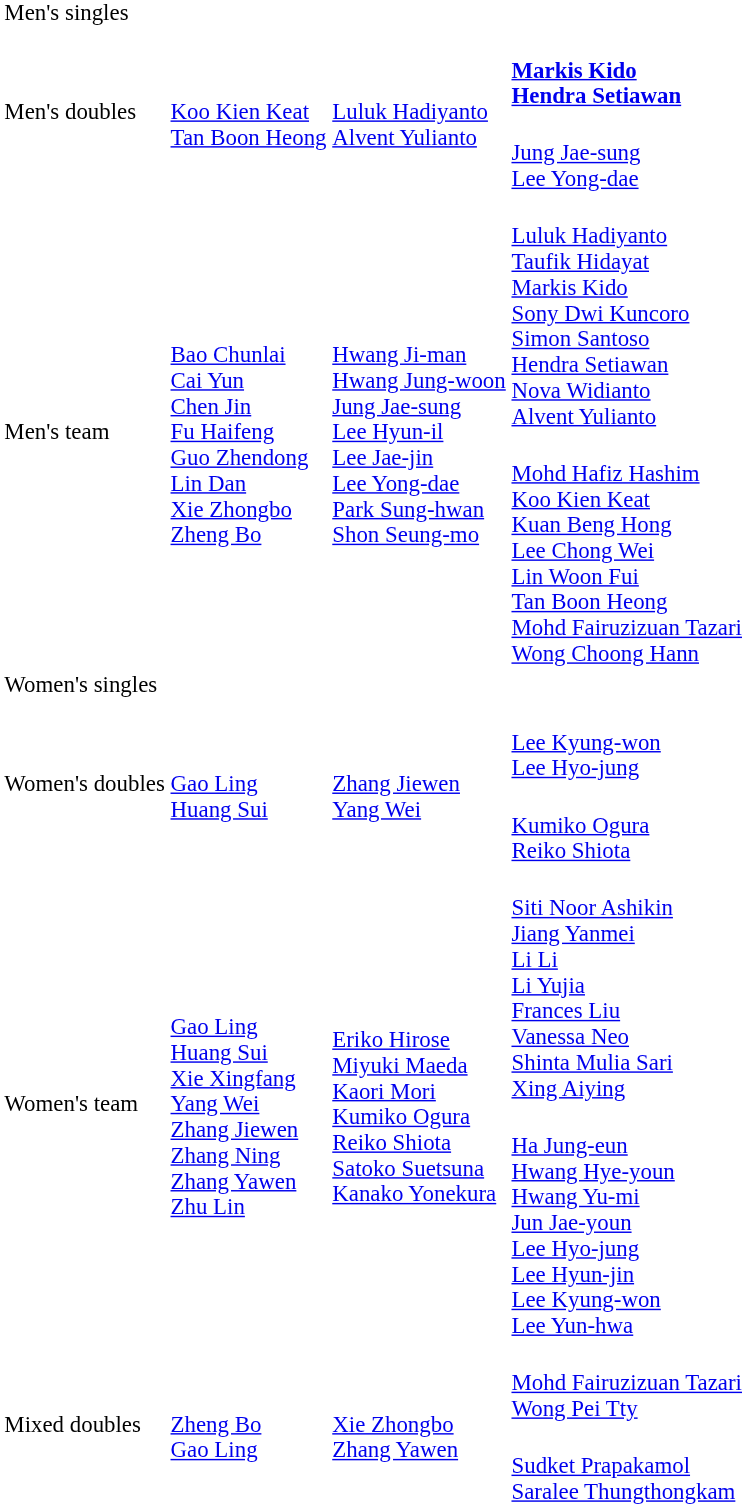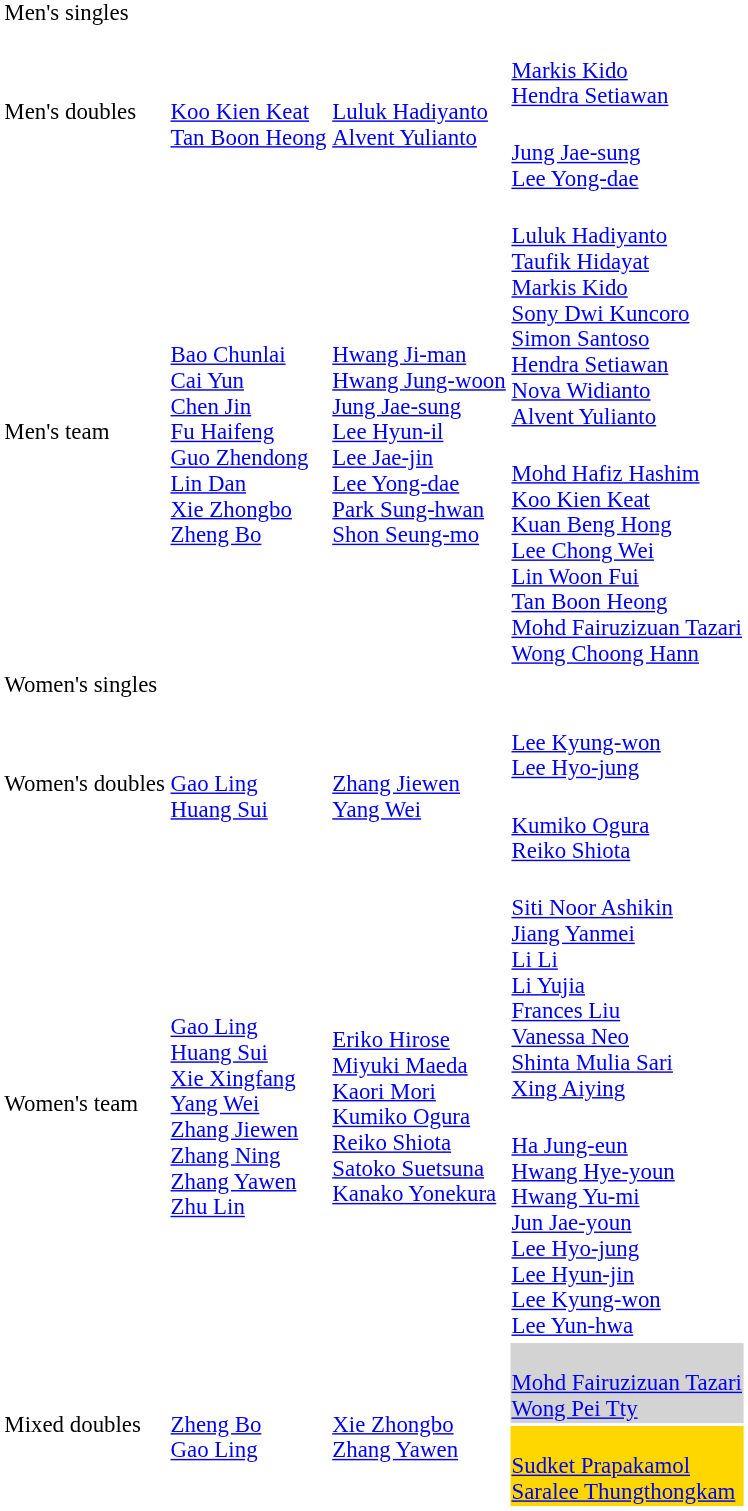 <table>
 <tr>
 <td rowspan=2>Men's singles<br></td>
 <td rowspan=2></td>
 <td rowspan=2></td>
 <td></td>
 </tr>
 <tr>
 <td></td>
 </tr>
 <tr>
 <td rowspan=2>Men's doubles<br></td>
 <td rowspan=2><br><a href='#'>Koo Kien Keat</a><br><a href='#'>Tan Boon Heong</a></td>
 <td rowspan=2><br><a href='#'>Luluk Hadiyanto</a><br><a href='#'>Alvent Yulianto</a></td>
-<td><strong><br><a href='#'>Markis Kido</a><br><a href='#'>Hendra Setiawan</a></strong></td>
+<td><br><a href='#'>Markis Kido</a><br><a href='#'>Hendra Setiawan</a></td>
 </tr>
 <tr>
 <td><br><a href='#'>Jung Jae-sung</a><br><a href='#'>Lee Yong-dae</a></td>
 </tr>
 <tr>
 <td rowspan=2>Men's team<br></td>
 <td rowspan=2><br><a href='#'>Bao Chunlai</a><br><a href='#'>Cai Yun</a><br><a href='#'>Chen Jin</a><br><a href='#'>Fu Haifeng</a><br><a href='#'>Guo Zhendong</a><br><a href='#'>Lin Dan</a><br><a href='#'>Xie Zhongbo</a><br><a href='#'>Zheng Bo</a></td>
 <td rowspan=2><br><a href='#'>Hwang Ji-man</a><br><a href='#'>Hwang Jung-woon</a><br><a href='#'>Jung Jae-sung</a><br><a href='#'>Lee Hyun-il</a><br><a href='#'>Lee Jae-jin</a><br><a href='#'>Lee Yong-dae</a><br><a href='#'>Park Sung-hwan</a><br><a href='#'>Shon Seung-mo</a></td>
 <td><br><a href='#'>Luluk Hadiyanto</a><br><a href='#'>Taufik Hidayat</a><br><a href='#'>Markis Kido</a><br><a href='#'>Sony Dwi Kuncoro</a><br><a href='#'>Simon Santoso</a><br><a href='#'>Hendra Setiawan</a><br><a href='#'>Nova Widianto</a><br><a href='#'>Alvent Yulianto</a></td>
 </tr>
 <tr>
 <td><br><a href='#'>Mohd Hafiz Hashim</a><br><a href='#'>Koo Kien Keat</a><br><a href='#'>Kuan Beng Hong</a><br><a href='#'>Lee Chong Wei</a><br><a href='#'>Lin Woon Fui</a><br><a href='#'>Tan Boon Heong</a><br><a href='#'>Mohd Fairuzizuan Tazari</a><br><a href='#'>Wong Choong Hann</a></td>
 </tr>
 <tr>
 <td rowspan=2>Women's singles<br></td>
 <td rowspan=2></td>
 <td rowspan=2></td>
 <td></td>
 </tr>
 <tr>
 <td></td>
 </tr>
 <tr>
 <td rowspan=2>Women's doubles<br></td>
 <td rowspan=2><br><a href='#'>Gao Ling</a><br><a href='#'>Huang Sui</a></td>
 <td rowspan=2><br><a href='#'>Zhang Jiewen</a><br><a href='#'>Yang Wei</a></td>
 <td><br><a href='#'>Lee Kyung-won</a><br><a href='#'>Lee Hyo-jung</a></td>
 </tr>
 <tr>
 <td><br><a href='#'>Kumiko Ogura</a><br><a href='#'>Reiko Shiota</a></td>
 </tr>
 <tr>
 <td rowspan=2>Women's team<br></td>
 <td rowspan=2><br><a href='#'>Gao Ling</a><br><a href='#'>Huang Sui</a><br><a href='#'>Xie Xingfang</a><br><a href='#'>Yang Wei</a><br><a href='#'>Zhang Jiewen</a><br><a href='#'>Zhang Ning</a><br><a href='#'>Zhang Yawen</a><br><a href='#'>Zhu Lin</a></td>
 <td rowspan=2><br><a href='#'>Eriko Hirose</a><br><a href='#'>Miyuki Maeda</a><br><a href='#'>Kaori Mori</a><br><a href='#'>Kumiko Ogura</a><br><a href='#'>Reiko Shiota</a><br><a href='#'>Satoko Suetsuna</a><br><a href='#'>Kanako Yonekura</a></td>
 <td><br><a href='#'>Siti Noor Ashikin</a><br><a href='#'>Jiang Yanmei</a><br><a href='#'>Li Li</a><br><a href='#'>Li Yujia</a><br><a href='#'>Frances Liu</a><br><a href='#'>Vanessa Neo</a><br><a href='#'>Shinta Mulia Sari</a><br><a href='#'>Xing Aiying</a></td>
 </tr>
 <tr>
 <td><br><a href='#'>Ha Jung-eun</a><br><a href='#'>Hwang Hye-youn</a><br><a href='#'>Hwang Yu-mi</a><br><a href='#'>Jun Jae-youn</a><br><a href='#'>Lee Hyo-jung</a><br><a href='#'>Lee Hyun-jin</a><br><a href='#'>Lee Kyung-won</a><br><a href='#'>Lee Yun-hwa</a></td>
 </tr>
 <tr>
 <td rowspan=2>Mixed doubles<br></td>
 <td rowspan=2><br><a href='#'>Zheng Bo</a><br><a href='#'>Gao Ling</a></td>
 <td rowspan=2><br><a href='#'>Xie Zhongbo</a><br><a href='#'>Zhang Yawen</a></td>
-<td><br><a href='#'>Mohd Fairuzizuan Tazari</a><br><a href='#'>Wong Pei Tty</a></td>
+<td style="background: lightgrey;"><br><a href='#'>Mohd Fairuzizuan Tazari</a><br><a href='#'>Wong Pei Tty</a></td>
 </tr>
 <tr>
-<td><br><a href='#'>Sudket Prapakamol</a><br><a href='#'>Saralee Thungthongkam</a></td>
+<td style="background: gold;"><br><a href='#'>Sudket Prapakamol</a><br><a href='#'>Saralee Thungthongkam</a></td>
 </tr>
 </table>
